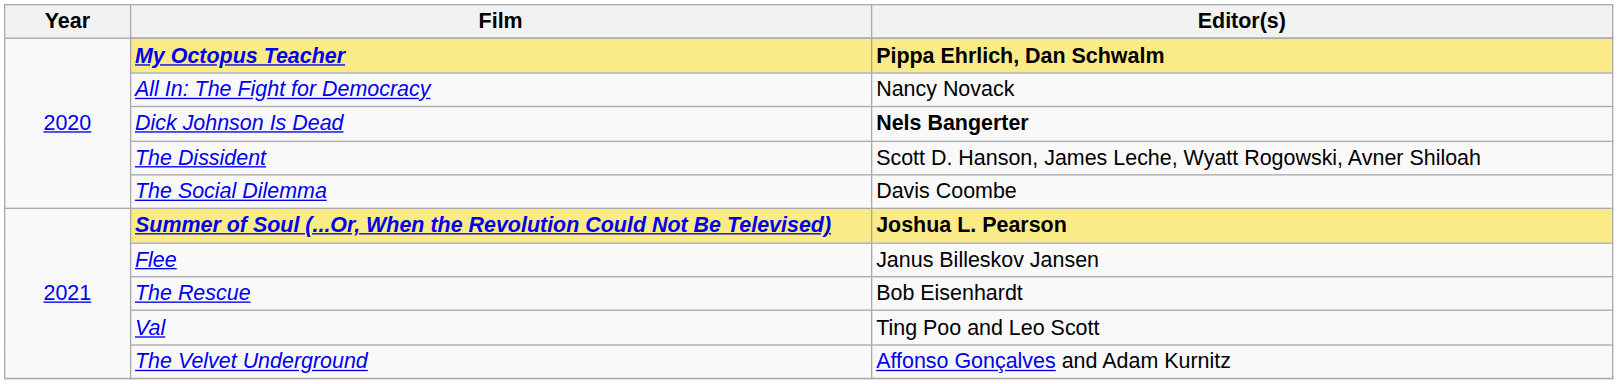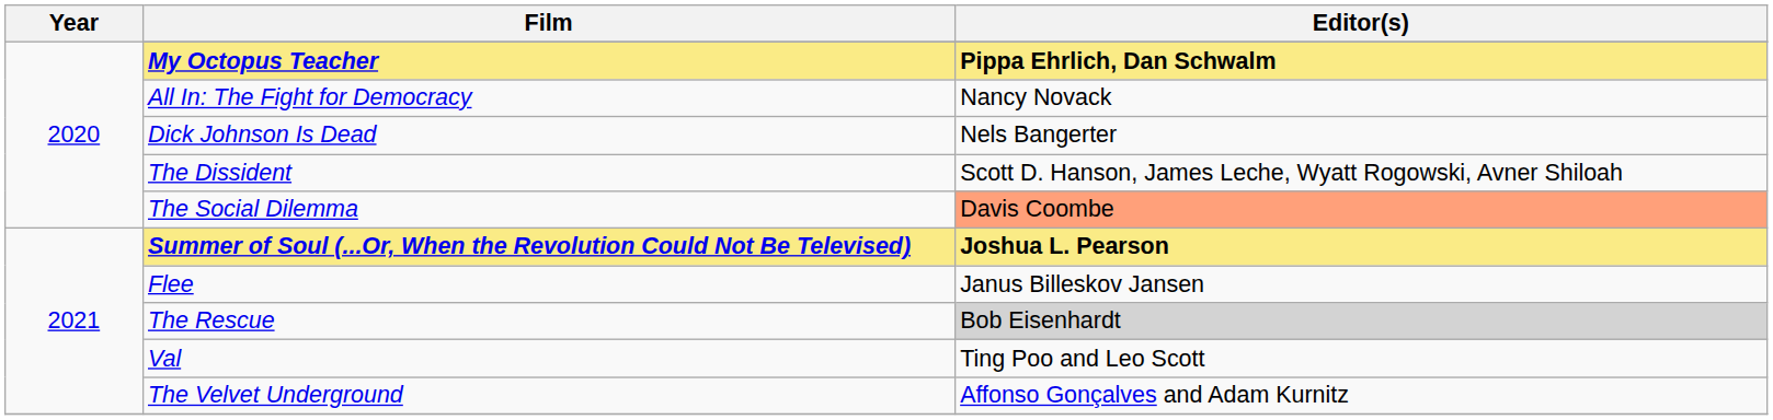 <table class="wikitable" width="95%" cellpadding="5">
 <tr>
 <th width="70"><strong>Year</strong></th>
 <th width="450"><strong>Film</strong></th>
 <th width="450"><strong>Editor(s)</strong></th>
 </tr>
 <tr>
 <td rowspan=6 style="text-align:center"><a href='#'>2020</a><br></td>
 </tr>
 <tr style="background:#FAEB86">
 <td><strong><em><a href='#'>My Octopus Teacher</a></em></strong></td>
 <td><strong>Pippa Ehrlich, Dan Schwalm</strong></td>
 </tr>
 <tr>
 <td><em><a href='#'>All In: The Fight for Democracy</a></em></td>
 <td>Nancy Novack</td>
 </tr>
 <tr>
 <td><em><a href='#'>Dick Johnson Is Dead</a></em></td>
-<td><strong>Nels Bangerter</strong></td>
+<td>Nels Bangerter</td>
 </tr>
 <tr>
 <td><em><a href='#'>The Dissident</a></em></td>
 <td>Scott D. Hanson, James Leche, Wyatt Rogowski, Avner Shiloah</td>
 </tr>
 <tr>
 <td><em><a href='#'>The Social Dilemma</a></em></td>
-<td>Davis Coombe</td>
+<td style="background: lightsalmon;">Davis Coombe</td>
 </tr>
 <tr>
 <td rowspan="5" style="text-align:center;"><a href='#'>2021</a><br> </td>
 <td style="background:#FAEB86;"><strong><em><a href='#'>Summer of Soul (...Or, When the Revolution Could Not Be Televised)</a></em></strong></td>
 <td style="background:#FAEB86;"><strong>Joshua L. Pearson</strong></td>
 </tr>
 <tr>
 <td><em><a href='#'>Flee</a></em></td>
 <td>Janus Billeskov Jansen</td>
 </tr>
 <tr>
 <td><em><a href='#'>The Rescue</a></em></td>
-<td>Bob Eisenhardt</td>
+<td style="background: lightgrey;">Bob Eisenhardt</td>
 </tr>
 <tr>
 <td><em><a href='#'>Val</a></em></td>
 <td>Ting Poo and Leo Scott</td>
 </tr>
 <tr>
 <td><em><a href='#'>The Velvet Underground</a></em></td>
 <td><a href='#'>Affonso Gonçalves</a> and Adam Kurnitz</td>
 </tr>
 <tr>
 </tr>
 </table>
